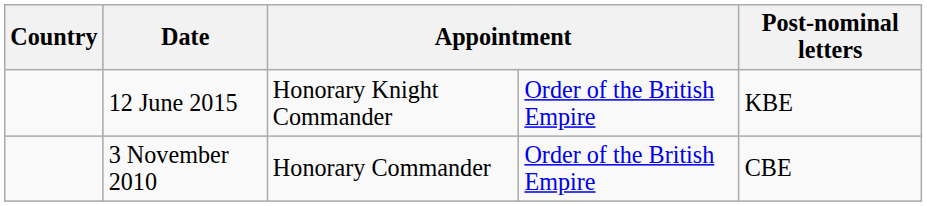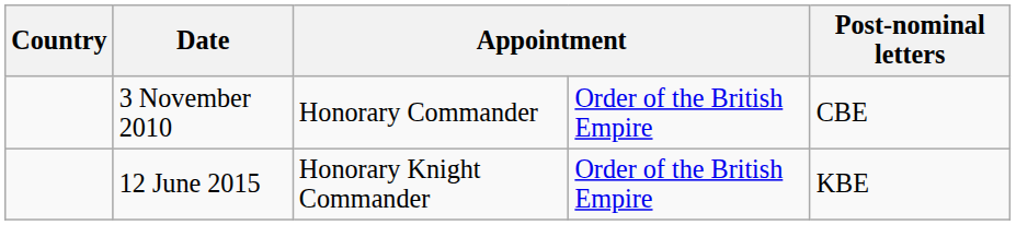 <table class="wikitable sortable">
 <tr>
 <th>Country</th>
 <th>Date</th>
 <th colspan="2">Appointment</th>
 <th>Post-nominal letters</th>
 </tr>
 <tr>
 <td></td>
+<td>3 November 2010</td>
+<td>Honorary Commander</td>
+<td><a href='#'>Order of the British Empire</a></td>
+<td>CBE</td>
+</tr>
+<tr>
+<td></td>
 <td>12 June 2015</td>
 <td>Honorary Knight Commander</td>
 <td><a href='#'>Order of the British Empire</a></td>
 <td>KBE</td>
 </tr>
-<tr>
-<td></td>
-<td>3 November 2010</td>
-<td>Honorary Commander</td>
-<td><a href='#'>Order of the British Empire</a></td>
-<td>CBE</td>
-</tr>
 </table>
